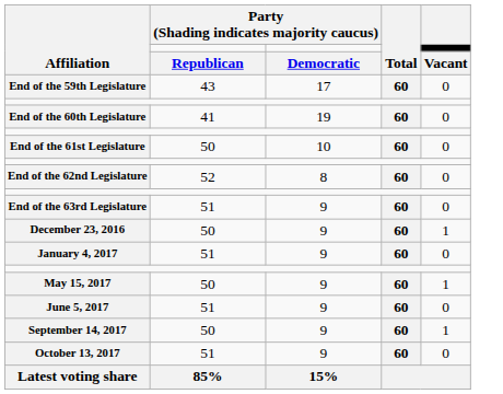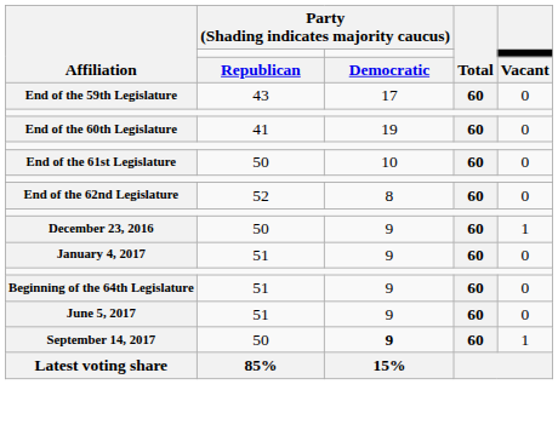 <table class=wikitable style="text-align:center">
 <tr style="vertical-align:bottom;">
 <th rowspan=3>Affiliation</th>
 <th colspan=2>Party <div>(Shading indicates majority caucus)</div></th>
 <th rowspan=3>Total</th>
 <th></th>
 </tr>
 <tr -style="height:5px">
 <td style="background-color:"></td>
 <td style="background-color:"></td>
 <td style="background-color:black"></td>
 </tr>
 <tr>
 <th><a href='#'>Republican</a></th>
 <th><a href='#'>Democratic</a></th>
 <th>Vacant</th>
 </tr>
 <tr>
 <th nowrap style="font-size:80%">End of the 59th Legislature</th>
 <td>43</td>
 <td>17</td>
 <th>60</th>
 <td>0</td>
 </tr>
 <tr>
 <td colspan=5></td>
 </tr>
 <tr>
 <th nowrap style="font-size:80%">End of the 60th Legislature</th>
 <td>41</td>
 <td>19</td>
 <th>60</th>
 <td>0</td>
 </tr>
 <tr>
 <td colspan=5></td>
 </tr>
 <tr>
 <th nowrap style="font-size:80%">End of the 61st Legislature</th>
 <td>50</td>
 <td>10</td>
 <th>60</th>
 <td>0</td>
 </tr>
 <tr>
 <td colspan=5></td>
 </tr>
 <tr>
 <th nowrap style="font-size:80%">End of the 62nd Legislature</th>
 <td>52</td>
 <td>8</td>
 <th>60</th>
 <td>0</td>
 </tr>
 <tr>
 <td colspan=5></td>
 </tr>
 <tr>
-<th nowrap style="font-size:80%">End of the 63rd Legislature</th>
-<td>51</td>
-<td>9</td>
-<th>60</th>
-<td>0</td>
-</tr>
-<tr>
 <th nowrap style="font-size:80%">December 23, 2016</th>
 <td>50</td>
 <td>9</td>
 <th>60</th>
 <td>1</td>
 </tr>
 <tr>
 <th nowrap style="font-size:80%">January 4, 2017</th>
 <td>51</td>
 <td>9</td>
 <th>60</th>
 <td>0</td>
 </tr>
 <tr>
 <td colspan=5></td>
 </tr>
 <tr>
-<th nowrap style="font-size:80%">May 15, 2017</th>
-<td>50</td>
+<th nowrap style="font-size:80%">Beginning of the 64th Legislature</th>
+<td>51</td>
 <td>9</td>
 <th>60</th>
-<td>1</td>
+<td>0</td>
 </tr>
 <tr>
 <th nowrap style="font-size:80%">June 5, 2017</th>
 <td>51</td>
 <td>9</td>
 <th>60</th>
 <td>0</td>
 </tr>
 <tr>
 <th nowrap style="font-size:80%">September 14, 2017</th>
 <td>50</td>
-<td>9</td>
+<td><strong>9</strong></td>
 <th>60</th>
 <td>1</td>
-</tr>
-<tr>
-<th nowrap style="font-size:80%">October 13, 2017</th>
-<td>51</td>
-<td>9</td>
-<th>60</th>
-<td>0</td>
 </tr>
 <tr>
 <th>Latest voting share</th>
 <th>85% </th>
 <th>15%</th>
 <th colspan=2></th>
 </tr>
 </table>
